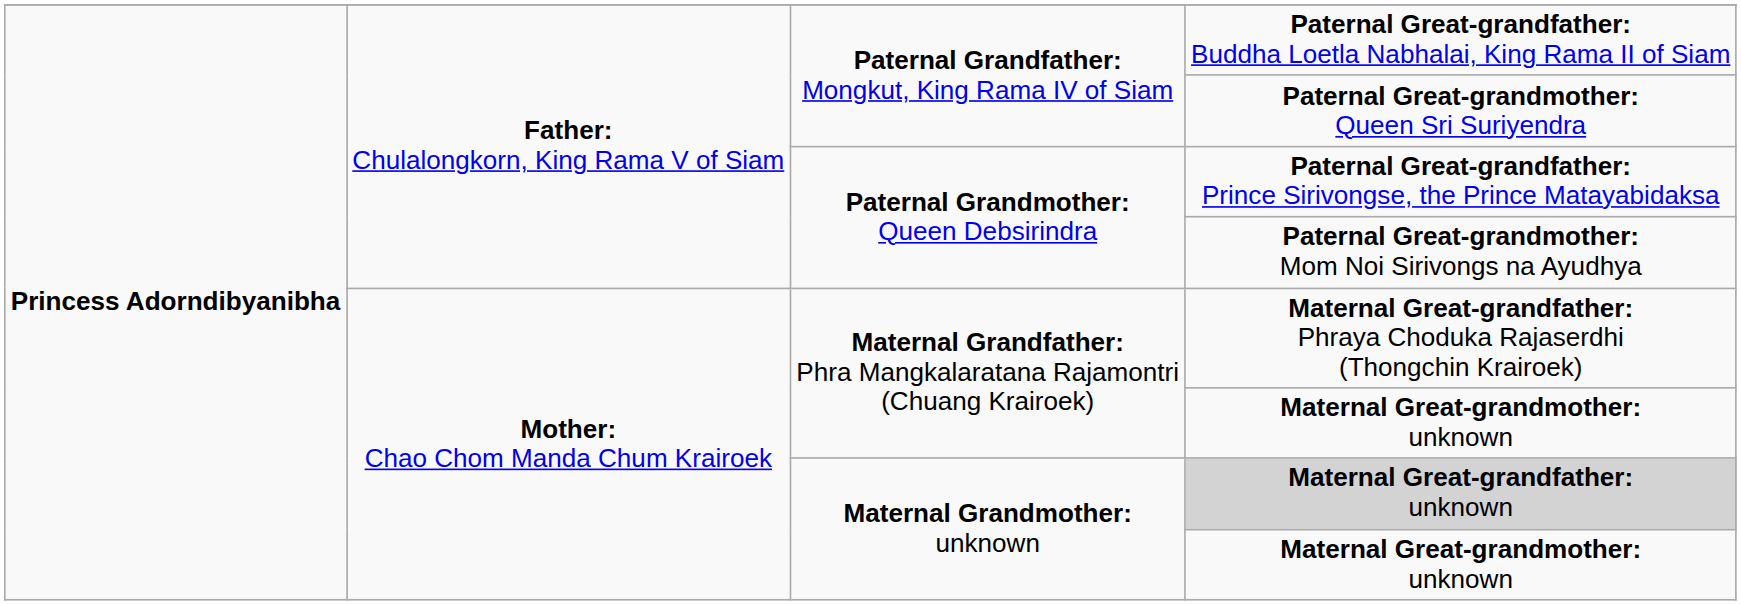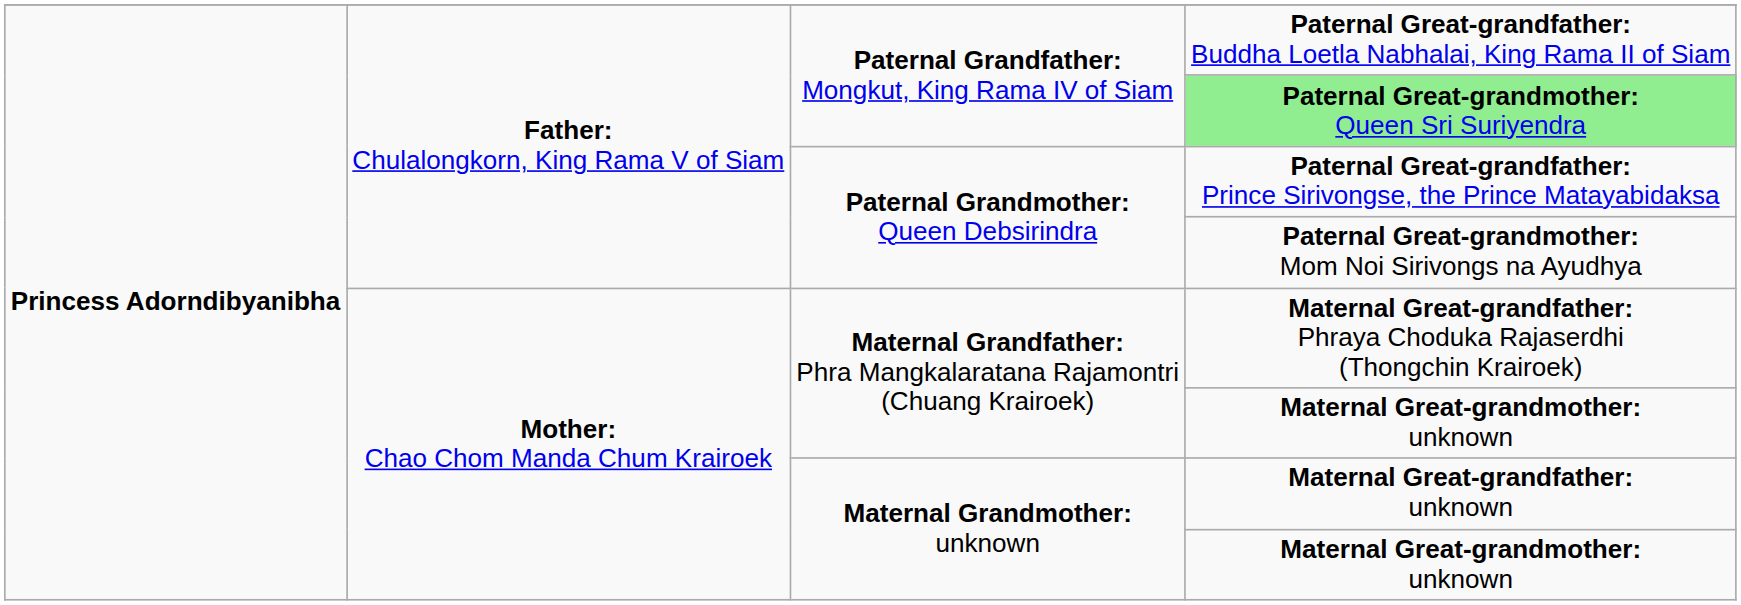 <table class="wikitable">
 <tr>
 </tr>
 <tr>
 <td rowspan="8" align="center"><strong>Princess Adorndibyanibha</strong></td>
 <td rowspan="4" align="center"><strong>Father:</strong><br><a href='#'>Chulalongkorn, King Rama V of Siam</a></td>
 <td rowspan="2" align="center"><strong>Paternal Grandfather:</strong><br><a href='#'>Mongkut, King Rama IV of Siam</a></td>
 <td align = "center"><strong>Paternal Great-grandfather:</strong><br><a href='#'>Buddha Loetla Nabhalai, King Rama II of Siam</a></td>
 </tr>
 <tr>
-<td align = "center"><strong>Paternal Great-grandmother:</strong><br><a href='#'>Queen Sri Suriyendra</a></td>
+<td align = "center" style="background: lightgreen;"><strong>Paternal Great-grandmother:</strong><br><a href='#'>Queen Sri Suriyendra</a></td>
 </tr>
 <tr>
 <td rowspan="2" align="center"><strong>Paternal Grandmother:</strong><br><a href='#'>Queen Debsirindra</a></td>
 <td align = "center"><strong>Paternal Great-grandfather:</strong><br><a href='#'>Prince Sirivongse, the Prince Matayabidaksa</a></td>
 </tr>
 <tr>
 <td align = "center"><strong>Paternal Great-grandmother:</strong><br>Mom Noi Sirivongs na Ayudhya</td>
 </tr>
 <tr>
 <td rowspan="4" align="center"><strong>Mother:</strong><br><a href='#'>Chao Chom Manda Chum Krairoek</a></td>
 <td rowspan="2" align="center"><strong>Maternal Grandfather:</strong><br>Phra Mangkalaratana Rajamontri<br>(Chuang Krairoek)</td>
 <td align = "center"><strong>Maternal Great-grandfather:</strong><br>Phraya Choduka Rajaserdhi<br>(Thongchin Krairoek)</td>
 </tr>
 <tr>
 <td align = "center"><strong>Maternal Great-grandmother:</strong><br>unknown</td>
 </tr>
 <tr>
 <td rowspan="2" align="center"><strong>Maternal Grandmother:</strong><br>unknown</td>
-<td align = "center" style="background: lightgrey;"><strong>Maternal Great-grandfather:</strong><br>unknown</td>
+<td align = "center"><strong>Maternal Great-grandfather:</strong><br>unknown</td>
 </tr>
 <tr>
 <td align = "center"><strong>Maternal Great-grandmother:</strong><br>unknown</td>
 </tr>
 </table>
